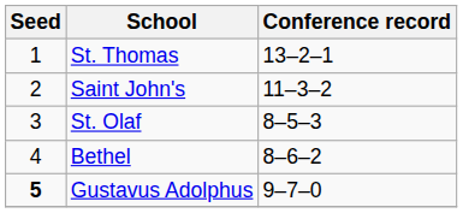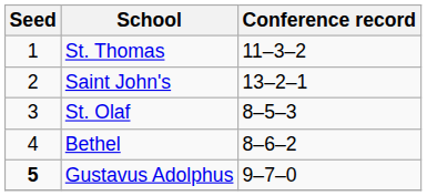 <table class="wikitable">
 <tr>
 <th>Seed</th>
 <th>School</th>
 <th>Conference record</th>
 </tr>
 <tr>
 <td align=center>1</td>
 <td><a href='#'>St. Thomas</a></td>
-<td>13–2–1</td>
+<td>11–3–2</td>
 </tr>
 <tr>
 <td align=center>2</td>
 <td><a href='#'>Saint John's</a></td>
-<td>11–3–2</td>
+<td>13–2–1</td>
 </tr>
 <tr>
 <td align=center>3</td>
 <td><a href='#'>St. Olaf</a></td>
 <td>8–5–3</td>
 </tr>
 <tr>
 <td align=center>4</td>
 <td><a href='#'>Bethel</a></td>
 <td>8–6–2</td>
 </tr>
 <tr>
 <td align=center><strong>5</strong></td>
 <td><a href='#'>Gustavus Adolphus</a></td>
 <td>9–7–0</td>
 </tr>
 <tr>
 </tr>
 </table>
